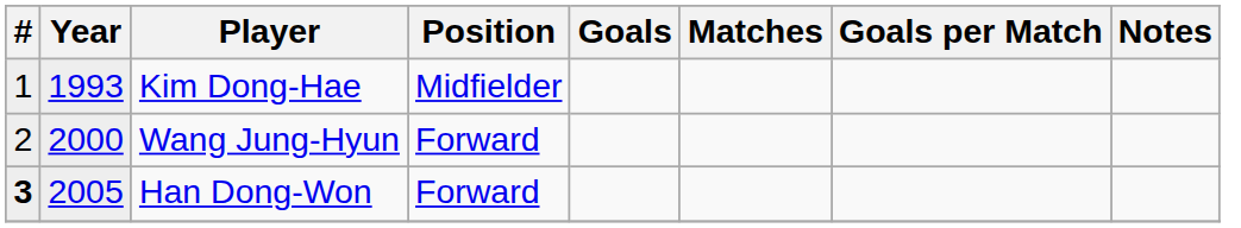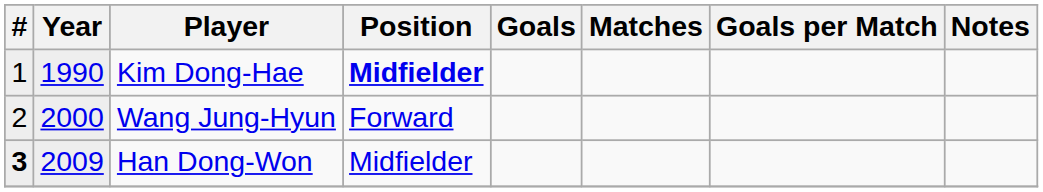 <table class="wikitable" style="text-left:center;">
 <tr>
 <th>#</th>
 <th>Year</th>
 <th>Player</th>
 <th>Position</th>
 <th>Goals</th>
 <th>Matches</th>
 <th>Goals per Match</th>
 <th>Notes</th>
 </tr>
 <tr>
 <td style="background:#eeeeee">1</td>
-<td style="background:#eeeeee"><a href='#'>1993</a></td>
+<td style="background:#eeeeee"><a href='#'>1990</a></td>
 <td> <a href='#'>Kim Dong-Hae</a></td>
-<td><a href='#'>Midfielder</a></td>
+<td><strong><a href='#'>Midfielder</a></strong></td>
 <td></td>
 <td></td>
 <td></td>
 <td></td>
 </tr>
 <tr>
 <td style="background:#eeeeee">2</td>
 <td style="background:#eeeeee"><a href='#'>2000</a></td>
 <td> <a href='#'>Wang Jung-Hyun</a></td>
 <td><a href='#'>Forward</a></td>
 <td></td>
 <td></td>
 <td></td>
 <td></td>
 </tr>
 <tr>
 <td style="background:#eeeeee"><strong>3</strong></td>
-<td style="background:#eeeeee"><a href='#'>2005</a></td>
+<td style="background:#eeeeee"><a href='#'>2009</a></td>
 <td> <a href='#'>Han Dong-Won</a></td>
-<td><a href='#'>Forward</a></td>
+<td><a href='#'>Midfielder</a></td>
 <td></td>
 <td></td>
 <td></td>
 <td></td>
 </tr>
 <tr>
 </tr>
 </table>
